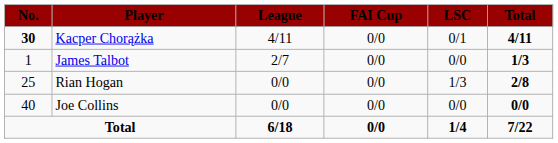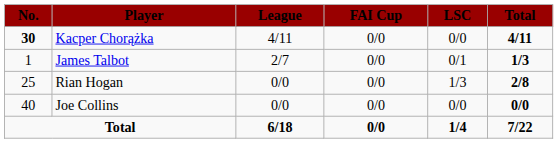 <table class="wikitable" style="text-align:center;width:100%;">
 <tr>
 <th style=background:#990000;color:#000000>No.</th>
 <th style=background:#990000;color:#000000>Player</th>
 <th style=background:#990000;color:#000000>League</th>
 <th style=background:#990000;color:#000000>FAI Cup</th>
 <th style=background:#990000;color:#000000>LSC</th>
 <th style=background:#990000;color:#000000>Total</th>
 </tr>
 <tr>
 <td><strong>30</strong></td>
 <td align=left> <a href='#'>Kacper Chorążka</a></td>
 <td>4/11</td>
 <td>0/0</td>
-<td>0/1</td>
+<td>0/0</td>
 <td><strong>4/11</strong></td>
 </tr>
 <tr>
 <td>1</td>
 <td align=left> <a href='#'>James Talbot</a></td>
 <td>2/7</td>
 <td>0/0</td>
-<td>0/0</td>
+<td>0/1</td>
 <td><strong>1/3</strong></td>
 </tr>
 <tr>
 <td>25</td>
 <td align=left> Rian Hogan</td>
 <td>0/0</td>
 <td>0/0</td>
 <td>1/3</td>
 <td><strong>2/8</strong></td>
 </tr>
 <tr>
 <td>40</td>
 <td align=left> Joe Collins</td>
 <td>0/0</td>
 <td>0/0</td>
 <td>0/0</td>
 <td><strong>0/0</strong></td>
 </tr>
 <tr>
 <td colspan=2><strong>Total</strong></td>
 <td><strong>6/18</strong></td>
 <td><strong>0/0</strong></td>
 <td><strong>1/4</strong></td>
 <td><strong>7/22</strong></td>
 </tr>
 </table>
